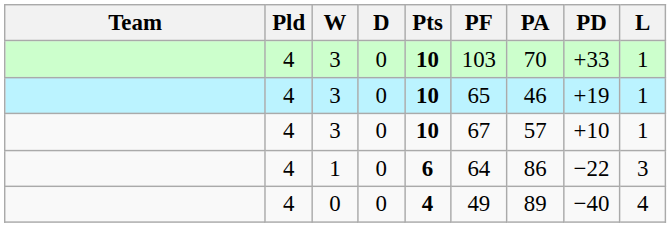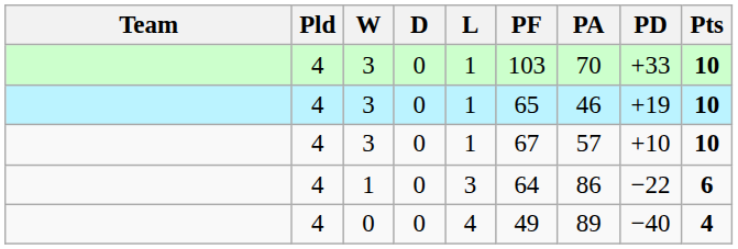 <table class="wikitable" style="text-align:center;">
 <tr>
 <th width=175>Team</th>
 <th width=25 abbr="Played">Pld</th>
 <th width=25 abbr="Won">W</th>
 <th width=25 abbr="Drawn">D</th>
-<th width=25 abbr="Points">Pts</th>
+<th width=25 abbr="Lost">L</th>
 <th width=32 abbr="Points for">PF</th>
 <th width=32 abbr="Points against">PA</th>
 <th width=32 abbr="Points difference">PD</th>
-<th width=25 abbr="Lost">L</th>
+<th width=25 abbr="Points">Pts</th>
 </tr>
 <tr bgcolor=#cfc>
 <td align="left"></td>
 <td>4</td>
 <td>3</td>
 <td>0</td>
-<td><strong>10</strong></td>
+<td>1</td>
 <td>103</td>
 <td>70</td>
 <td>+33</td>
-<td>1</td>
+<td><strong>10</strong></td>
 </tr>
 <tr bgcolor=#BBF3FF>
 <td align="left"></td>
 <td>4</td>
 <td>3</td>
 <td>0</td>
-<td><strong>10</strong></td>
+<td>1</td>
 <td>65</td>
 <td>46</td>
 <td>+19</td>
-<td>1</td>
+<td><strong>10</strong></td>
 </tr>
 <tr>
 <td align="left"></td>
 <td>4</td>
 <td>3</td>
 <td>0</td>
-<td><strong>10</strong></td>
+<td>1</td>
 <td>67</td>
 <td>57</td>
 <td>+10</td>
-<td>1</td>
+<td><strong>10</strong></td>
 </tr>
 <tr>
 <td align="left"></td>
 <td>4</td>
 <td>1</td>
 <td>0</td>
-<td><strong>6</strong></td>
+<td>3</td>
 <td>64</td>
 <td>86</td>
 <td>−22</td>
-<td>3</td>
+<td><strong>6</strong></td>
 </tr>
 <tr>
 <td align="left"></td>
 <td>4</td>
 <td>0</td>
 <td>0</td>
-<td><strong>4</strong></td>
+<td>4</td>
 <td>49</td>
 <td>89</td>
 <td>−40</td>
-<td>4</td>
+<td><strong>4</strong></td>
 </tr>
 </table>
